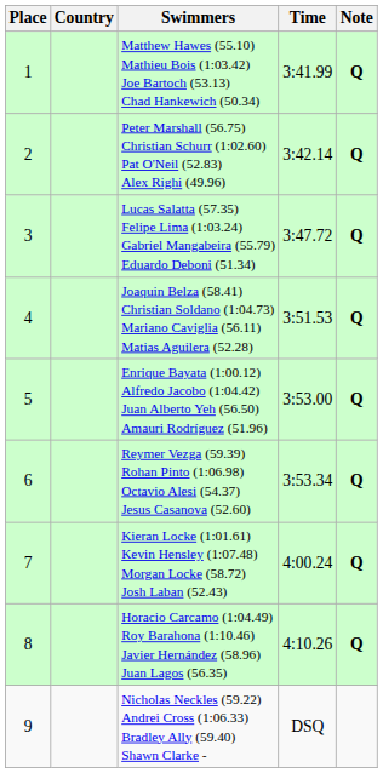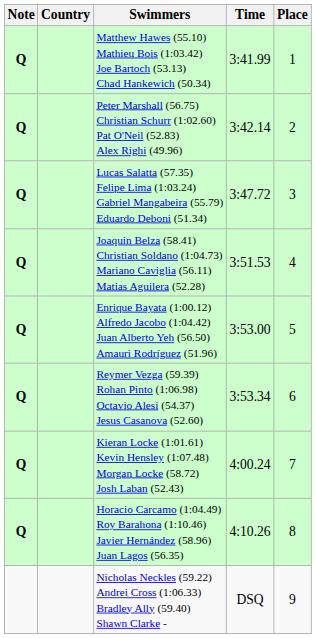 <table class="wikitable" style="text-align:center">
 <tr>
-<th>Place</th>
+<th>Note</th>
 <th>Country</th>
 <th>Swimmers</th>
 <th>Time</th>
-<th>Note</th>
+<th>Place</th>
 </tr>
 <tr bgcolor=ccffcc>
-<td>1</td>
+<td><strong>Q</strong></td>
 <td align=left></td>
 <td align=left><small> <a href='#'>Matthew Hawes</a> (55.10) <br> <a href='#'>Mathieu Bois</a> (1:03.42) <br> <a href='#'>Joe Bartoch</a> (53.13) <br> <a href='#'>Chad Hankewich</a> (50.34)</small></td>
 <td>3:41.99</td>
-<td><strong>Q</strong></td>
+<td>1</td>
 </tr>
 <tr bgcolor=ccffcc>
-<td>2</td>
+<td><strong>Q</strong></td>
 <td align=left></td>
 <td align=left><small> <a href='#'>Peter Marshall</a> (56.75) <br> <a href='#'>Christian Schurr</a> (1:02.60) <br> <a href='#'>Pat O'Neil</a> (52.83) <br> <a href='#'>Alex Righi</a> (49.96)</small></td>
 <td>3:42.14</td>
-<td><strong>Q</strong></td>
+<td>2</td>
 </tr>
 <tr bgcolor=ccffcc>
-<td>3</td>
+<td><strong>Q</strong></td>
 <td align=left></td>
 <td align=left><small> <a href='#'>Lucas Salatta</a> (57.35) <br> <a href='#'>Felipe Lima</a> (1:03.24) <br> <a href='#'>Gabriel Mangabeira</a> (55.79) <br> <a href='#'>Eduardo Deboni</a> (51.34)</small></td>
 <td>3:47.72</td>
-<td><strong>Q</strong></td>
+<td>3</td>
 </tr>
 <tr bgcolor=ccffcc>
-<td>4</td>
+<td><strong>Q</strong></td>
 <td align=left></td>
 <td align=left><small> <a href='#'>Joaquin Belza</a> (58.41) <br> <a href='#'>Christian Soldano</a> (1:04.73) <br> <a href='#'>Mariano Caviglia</a> (56.11) <br> <a href='#'>Matias Aguilera</a> (52.28)</small></td>
 <td>3:51.53</td>
-<td><strong>Q</strong></td>
+<td>4</td>
 </tr>
 <tr bgcolor=ccffcc>
-<td>5</td>
+<td><strong>Q</strong></td>
 <td align=left></td>
 <td align=left><small> <a href='#'>Enrique Bayata</a> (1:00.12) <br> <a href='#'>Alfredo Jacobo</a> (1:04.42) <br> <a href='#'>Juan Alberto Yeh</a> (56.50) <br> <a href='#'>Amauri Rodríguez</a> (51.96)</small></td>
 <td>3:53.00</td>
-<td><strong>Q</strong></td>
+<td>5</td>
 </tr>
 <tr bgcolor=ccffcc>
-<td>6</td>
+<td><strong>Q</strong></td>
 <td align=left></td>
 <td align=left><small> <a href='#'>Reymer Vezga</a> (59.39) <br> <a href='#'>Rohan Pinto</a> (1:06.98) <br> <a href='#'>Octavio Alesi</a> (54.37) <br> <a href='#'>Jesus Casanova</a> (52.60)</small></td>
 <td>3:53.34</td>
-<td><strong>Q</strong></td>
+<td>6</td>
 </tr>
 <tr bgcolor=ccffcc>
-<td>7</td>
+<td><strong>Q</strong></td>
 <td align=left></td>
 <td align=left><small> <a href='#'>Kieran Locke</a> (1:01.61) <br> <a href='#'>Kevin Hensley</a> (1:07.48) <br> <a href='#'>Morgan Locke</a> (58.72) <br> <a href='#'>Josh Laban</a> (52.43)</small></td>
 <td>4:00.24</td>
-<td><strong>Q</strong></td>
+<td>7</td>
 </tr>
 <tr bgcolor=ccffcc>
-<td>8</td>
+<td><strong>Q</strong></td>
 <td align=left></td>
 <td align=left><small> <a href='#'>Horacio Carcamo</a> (1:04.49) <br> <a href='#'>Roy Barahona</a> (1:10.46) <br> <a href='#'>Javier Hernández</a> (58.96) <br> <a href='#'>Juan Lagos</a> (56.35)</small></td>
 <td>4:10.26</td>
-<td><strong>Q</strong></td>
+<td>8</td>
 </tr>
 <tr>
-<td>9</td>
+<td></td>
 <td align=left></td>
 <td align=left><small> <a href='#'>Nicholas Neckles</a> (59.22) <br> <a href='#'>Andrei Cross</a> (1:06.33) <br> <a href='#'>Bradley Ally</a> (59.40) <br> <a href='#'>Shawn Clarke</a> -</small></td>
 <td>DSQ</td>
-<td></td>
+<td>9</td>
 </tr>
 </table>
